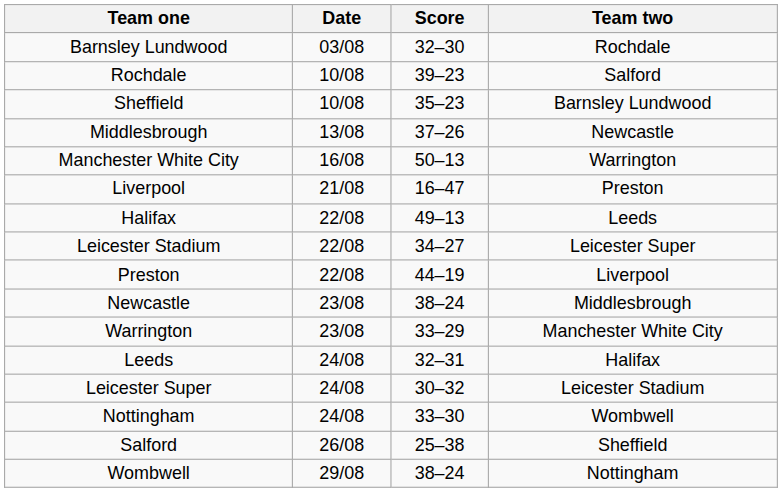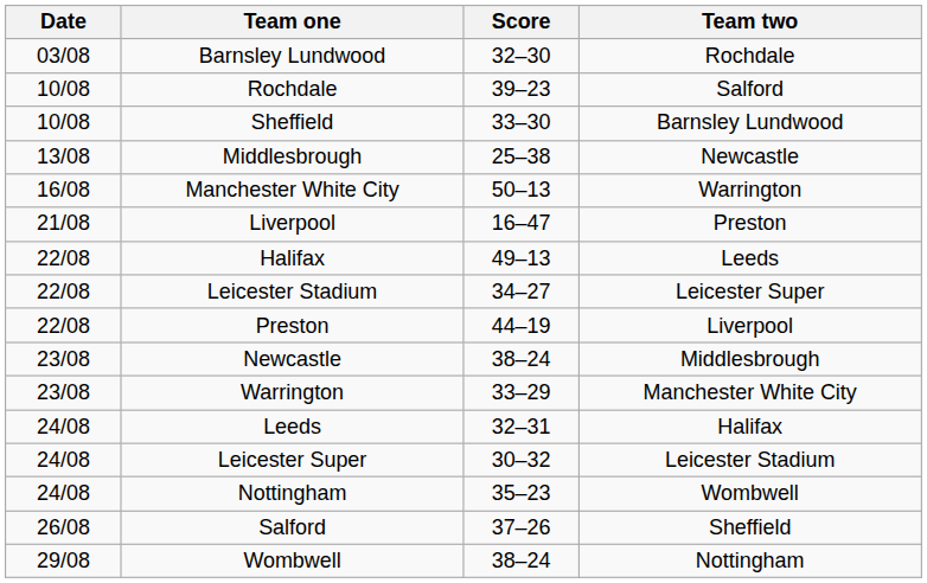 <table class="wikitable" style="text-align: center">
 <tr>
+<th width=80>Date</th>
 <th width=250>Team one</th>
-<th width=80>Date</th>
 <th width=80>Score</th>
 <th width=250>Team two</th>
 </tr>
 <tr>
+<td>03/08</td>
 <td>Barnsley Lundwood</td>
-<td>03/08</td>
 <td>32–30</td>
 <td>Rochdale</td>
 </tr>
 <tr>
+<td>10/08</td>
 <td>Rochdale</td>
-<td>10/08</td>
 <td>39–23</td>
 <td>Salford</td>
 </tr>
 <tr>
+<td>10/08</td>
 <td>Sheffield</td>
-<td>10/08</td>
-<td>35–23</td>
+<td>33–30</td>
 <td>Barnsley Lundwood</td>
 </tr>
 <tr>
+<td>13/08</td>
 <td>Middlesbrough</td>
-<td>13/08</td>
-<td>37–26</td>
+<td>25–38</td>
 <td>Newcastle</td>
 </tr>
 <tr>
+<td>16/08</td>
 <td>Manchester White City</td>
-<td>16/08</td>
 <td>50–13</td>
 <td>Warrington</td>
 </tr>
 <tr>
+<td>21/08</td>
 <td>Liverpool</td>
-<td>21/08</td>
 <td>16–47</td>
 <td>Preston</td>
 </tr>
 <tr>
+<td>22/08</td>
 <td>Halifax</td>
-<td>22/08</td>
 <td>49–13</td>
 <td>Leeds</td>
 </tr>
 <tr>
+<td>22/08</td>
 <td>Leicester Stadium</td>
-<td>22/08</td>
 <td>34–27</td>
 <td>Leicester Super</td>
 </tr>
 <tr>
+<td>22/08</td>
 <td>Preston</td>
-<td>22/08</td>
 <td>44–19</td>
 <td>Liverpool</td>
 </tr>
 <tr>
+<td>23/08</td>
 <td>Newcastle</td>
-<td>23/08</td>
 <td>38–24</td>
 <td>Middlesbrough</td>
 </tr>
 <tr>
+<td>23/08</td>
 <td>Warrington</td>
-<td>23/08</td>
 <td>33–29</td>
 <td>Manchester White City</td>
 </tr>
 <tr>
+<td>24/08</td>
 <td>Leeds</td>
-<td>24/08</td>
 <td>32–31</td>
 <td>Halifax</td>
 </tr>
 <tr>
+<td>24/08</td>
 <td>Leicester Super</td>
-<td>24/08</td>
 <td>30–32</td>
 <td>Leicester Stadium</td>
 </tr>
 <tr>
+<td>24/08</td>
 <td>Nottingham</td>
-<td>24/08</td>
-<td>33–30</td>
+<td>35–23</td>
 <td>Wombwell</td>
 </tr>
 <tr>
+<td>26/08</td>
 <td>Salford</td>
-<td>26/08</td>
-<td>25–38</td>
+<td>37–26</td>
 <td>Sheffield</td>
 </tr>
 <tr>
+<td>29/08</td>
 <td>Wombwell</td>
-<td>29/08</td>
 <td>38–24</td>
 <td>Nottingham</td>
 </tr>
 </table>
